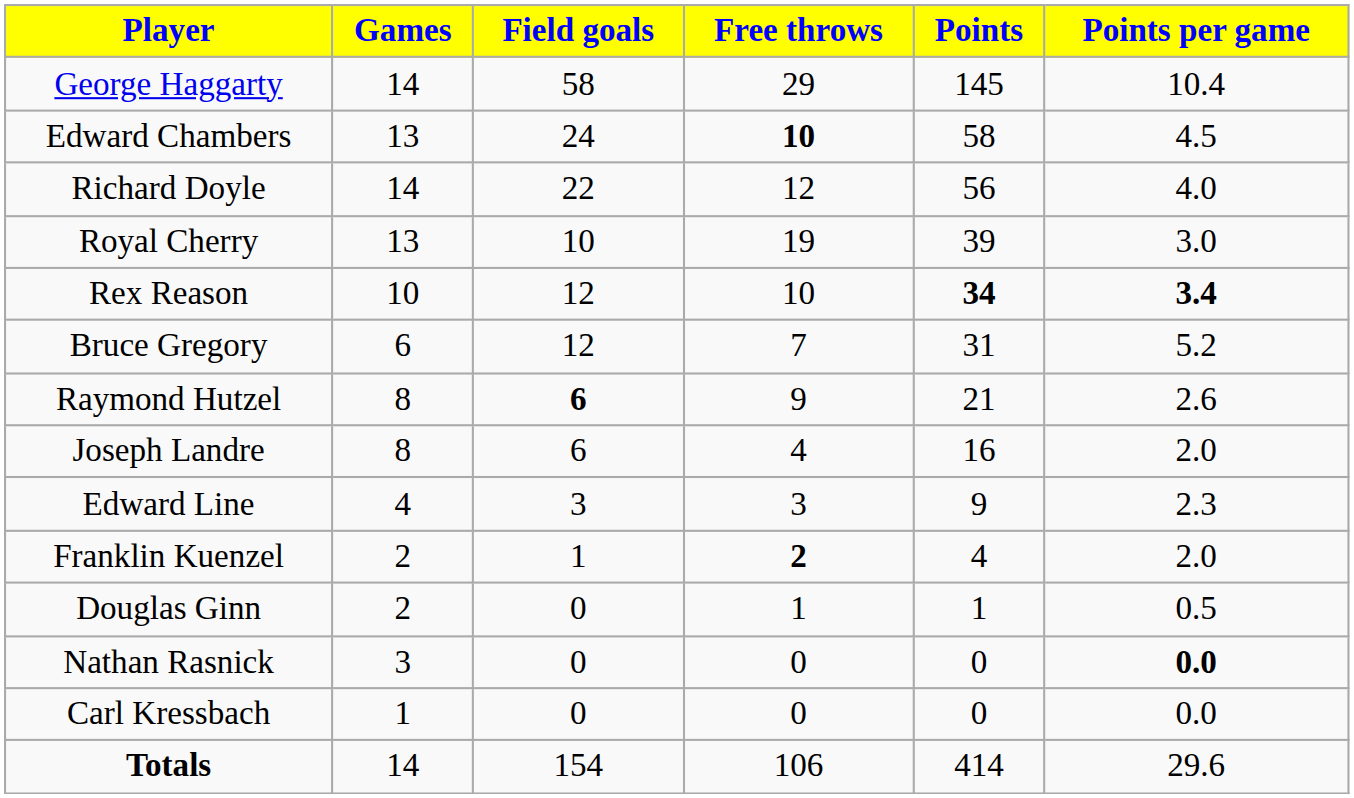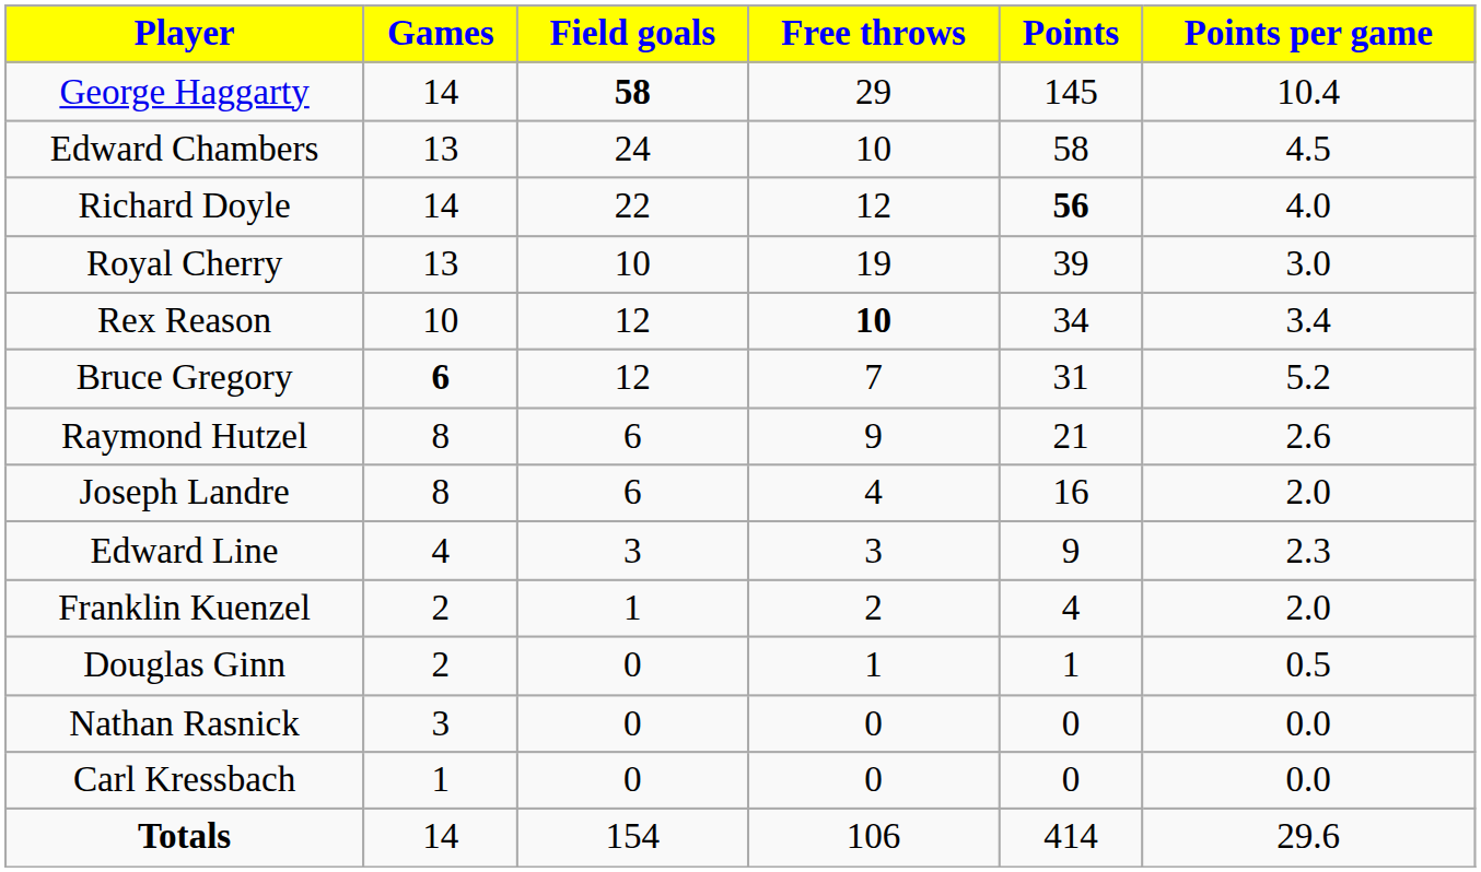 <table class="wikitable" width="650">
 <tr align="center"  style="background:yellow;color:blue;">
 <td><strong>Player</strong></td>
 <td><strong>Games</strong></td>
 <td><strong>Field goals</strong></td>
 <td><strong>Free throws</strong></td>
 <td><strong>Points</strong></td>
 <td><strong>Points per game</strong></td>
 </tr>
 <tr align="center" bgcolor="">
 <td><a href='#'>George Haggarty</a></td>
 <td>14</td>
-<td>58</td>
+<td><strong>58</strong></td>
 <td>29</td>
 <td>145</td>
 <td>10.4</td>
 </tr>
 <tr align="center" bgcolor="">
 <td>Edward Chambers</td>
 <td>13</td>
 <td>24</td>
-<td><strong>10</strong></td>
+<td>10</td>
 <td>58</td>
 <td>4.5</td>
 </tr>
 <tr align="center" bgcolor="">
 <td>Richard Doyle</td>
 <td>14</td>
 <td>22</td>
 <td>12</td>
-<td>56</td>
+<td><strong>56</strong></td>
 <td>4.0</td>
 </tr>
 <tr align="center" bgcolor="">
 <td>Royal Cherry</td>
 <td>13</td>
 <td>10</td>
 <td>19</td>
 <td>39</td>
 <td>3.0</td>
 </tr>
 <tr align="center" bgcolor="">
 <td>Rex Reason</td>
 <td>10</td>
 <td>12</td>
-<td>10</td>
-<td><strong>34</strong></td>
-<td><strong>3.4</strong></td>
+<td><strong>10</strong></td>
+<td>34</td>
+<td>3.4</td>
 </tr>
 <tr align="center" bgcolor="">
 <td>Bruce Gregory</td>
-<td>6</td>
+<td><strong>6</strong></td>
 <td>12</td>
 <td>7</td>
 <td>31</td>
 <td>5.2</td>
 </tr>
 <tr align="center" bgcolor="">
 <td>Raymond Hutzel</td>
 <td>8</td>
-<td><strong>6</strong></td>
+<td>6</td>
 <td>9</td>
 <td>21</td>
 <td>2.6</td>
 </tr>
 <tr align="center" bgcolor="">
 <td>Joseph Landre</td>
 <td>8</td>
 <td>6</td>
 <td>4</td>
 <td>16</td>
 <td>2.0</td>
 </tr>
 <tr align="center" bgcolor="">
 <td>Edward Line</td>
 <td>4</td>
 <td>3</td>
 <td>3</td>
 <td>9</td>
 <td>2.3</td>
 </tr>
 <tr align="center" bgcolor="">
 <td>Franklin Kuenzel</td>
 <td>2</td>
 <td>1</td>
-<td><strong>2</strong></td>
+<td>2</td>
 <td>4</td>
 <td>2.0</td>
 </tr>
 <tr align="center" bgcolor="">
 <td>Douglas Ginn</td>
 <td>2</td>
 <td>0</td>
 <td>1</td>
 <td>1</td>
 <td>0.5</td>
 </tr>
 <tr align="center" bgcolor="">
 <td>Nathan Rasnick</td>
 <td>3</td>
 <td>0</td>
 <td>0</td>
 <td>0</td>
-<td><strong>0.0</strong></td>
+<td>0.0</td>
 </tr>
 <tr align="center" bgcolor="">
 <td>Carl Kressbach</td>
 <td>1</td>
 <td>0</td>
 <td>0</td>
 <td>0</td>
 <td>0.0</td>
 </tr>
 <tr align="center" bgcolor="">
 <td><strong>Totals</strong></td>
 <td>14</td>
 <td>154</td>
 <td>106</td>
 <td>414</td>
 <td>29.6</td>
 </tr>
 <tr align="center" bgcolor="">
 </tr>
 </table>
